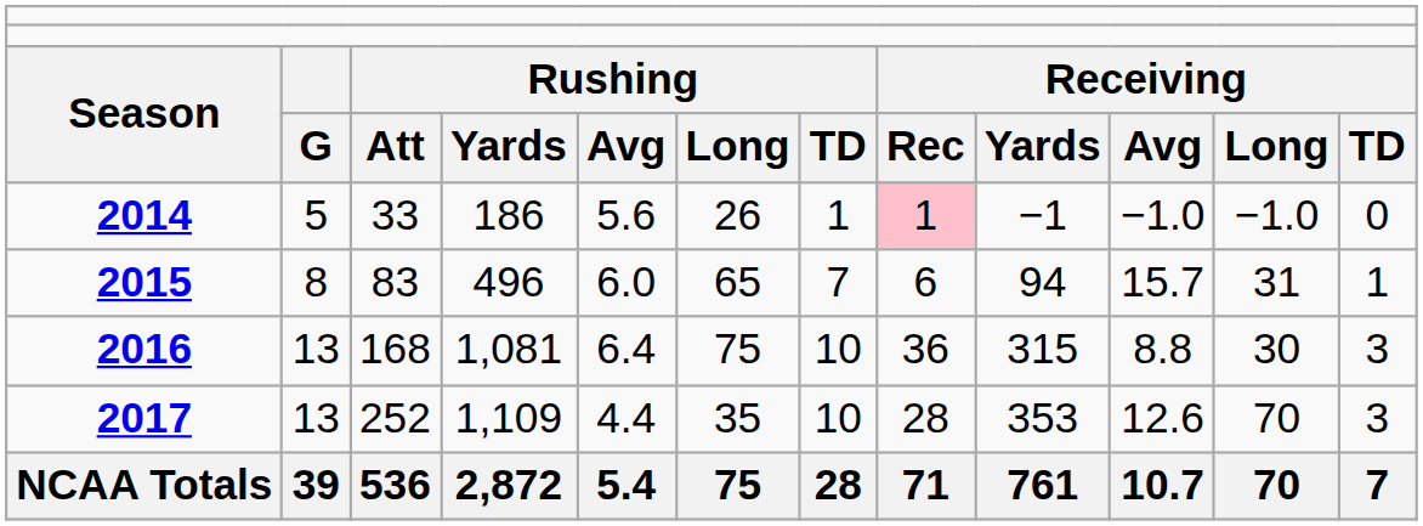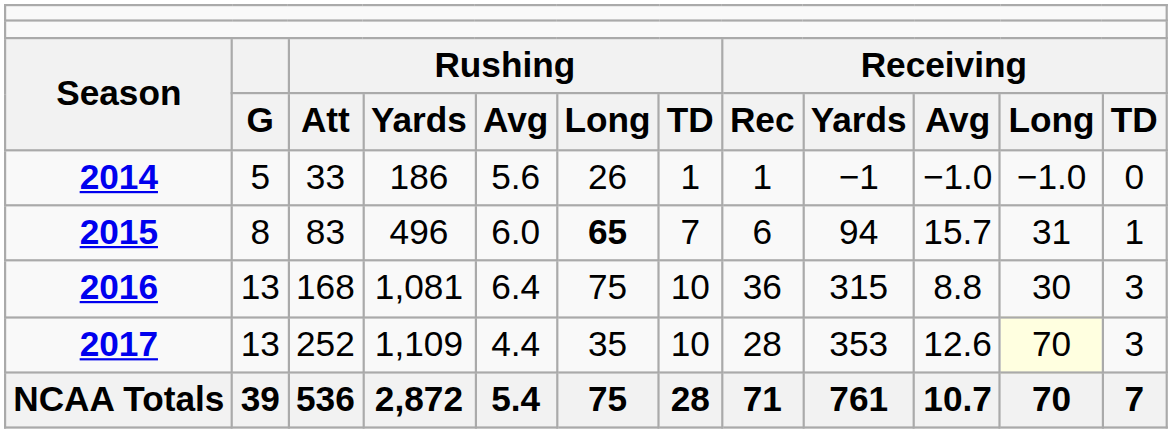 <table class=wikitable style="text-align:center;">
 <tr>
 <td ! colspan="13"></td>
 </tr>
 <tr>
 <td ! colspan="13"></td>
 </tr>
 <tr>
 <th rowspan=2>Season</th>
 <th rowspan=1> </th>
 <th colspan=5>Rushing</th>
 <th colspan=5>Receiving</th>
 </tr>
 <tr>
 <th>G</th>
 <th>Att</th>
 <th>Yards</th>
 <th>Avg</th>
 <th>Long</th>
 <th>TD</th>
 <th>Rec</th>
 <th>Yards</th>
 <th>Avg</th>
 <th>Long</th>
 <th>TD</th>
 </tr>
 <tr>
 <td><strong><a href='#'>2014</a></strong></td>
 <td>5</td>
 <td>33</td>
 <td>186</td>
 <td>5.6</td>
 <td>26</td>
 <td>1</td>
-<td style="background: pink;">1</td>
+<td>1</td>
 <td>−1</td>
 <td>−1.0</td>
 <td>−1.0</td>
 <td>0</td>
 </tr>
 <tr>
 <td><strong><a href='#'>2015</a></strong></td>
 <td>8</td>
 <td>83</td>
 <td>496</td>
 <td>6.0</td>
-<td>65</td>
+<td><strong>65</strong></td>
 <td>7</td>
 <td>6</td>
 <td>94</td>
 <td>15.7</td>
 <td>31</td>
 <td>1</td>
 </tr>
 <tr>
 <td><strong><a href='#'>2016</a></strong></td>
 <td>13</td>
 <td>168</td>
 <td>1,081</td>
 <td>6.4</td>
 <td>75</td>
 <td>10</td>
 <td>36</td>
 <td>315</td>
 <td>8.8</td>
 <td>30</td>
 <td>3</td>
 </tr>
 <tr>
 <td><strong><a href='#'>2017</a></strong></td>
 <td>13</td>
 <td>252</td>
 <td>1,109</td>
 <td>4.4</td>
 <td>35</td>
 <td>10</td>
 <td>28</td>
 <td>353</td>
 <td>12.6</td>
-<td>70</td>
+<td style="background: lightyellow;">70</td>
 <td>3</td>
 </tr>
 <tr>
 <th>NCAA Totals</th>
 <th>39</th>
 <th>536</th>
 <th>2,872</th>
 <th>5.4</th>
 <th>75</th>
 <th>28</th>
 <th>71</th>
 <th>761</th>
 <th>10.7</th>
 <th>70</th>
 <th>7</th>
 </tr>
 </table>
